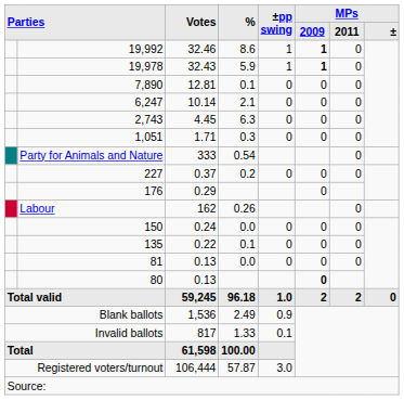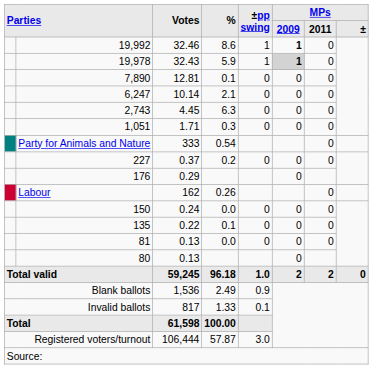 <table class="wikitable" style="text-align:right; font-size:95%;">
 <tr>
 <th rowspan="2" colspan="2" style="background:#e9e9e9; text-align:left;" alignleft><a href='#'>Parties</a></th>
 <th rowspan="2" style="background:#e9e9e9; text-align:right;">Votes</th>
 <th rowspan="2" style="background:#e9e9e9; text-align:right;">%</th>
 <th rowspan="2" style="background:#e9e9e9; text-align:right;">±<a href='#'>pp</a> <a href='#'>swing</a></th>
 <th colspan="3" style="background:#e9e9e9; text-align:center;"><a href='#'>MPs</a></th>
 </tr>
 <tr style="background-color:#E9E9E9">
 <th style="background-color:#E9E9E9;text-align:center;"><a href='#'>2009</a></th>
 <th style="background-color:#E9E9E9;text-align:center;">2011</th>
 <th style="background:#e9e9e9; text-align:right;">±</th>
 </tr>
 <tr>
 <td></td>
 <td>19,992</td>
 <td>32.46</td>
 <td>8.6</td>
 <td>1</td>
 <td><strong>1</strong></td>
 <td>0</td>
 </tr>
 <tr>
 <td></td>
 <td>19,978</td>
 <td>32.43</td>
 <td>5.9</td>
 <td>1</td>
-<td><strong>1</strong></td>
+<td style="background: lightgrey;"><strong>1</strong></td>
 <td>0</td>
 </tr>
 <tr>
 <td></td>
 <td>7,890</td>
 <td>12.81</td>
 <td>0.1</td>
 <td>0</td>
 <td>0</td>
 <td>0</td>
 </tr>
 <tr>
 <td></td>
 <td>6,247</td>
 <td>10.14</td>
 <td>2.1</td>
 <td>0</td>
 <td>0</td>
 <td>0</td>
 </tr>
 <tr>
 <td></td>
 <td>2,743</td>
 <td>4.45</td>
 <td>6.3</td>
 <td>0</td>
 <td>0</td>
 <td>0</td>
 </tr>
 <tr>
 <td></td>
 <td>1,051</td>
 <td>1.71</td>
 <td>0.3</td>
 <td>0</td>
 <td>0</td>
 <td>0</td>
 </tr>
 <tr>
 <td style="width: 10px" bgcolor="teal" align="center"></td>
 <td align="left"><a href='#'>Party for Animals and Nature</a></td>
 <td>333</td>
 <td>0.54</td>
 <td></td>
 <td></td>
 <td>0</td>
 <td></td>
 </tr>
 <tr>
 <td></td>
 <td>227</td>
 <td>0.37</td>
 <td>0.2</td>
 <td>0</td>
 <td>0</td>
 <td>0</td>
 </tr>
 <tr>
 <td></td>
 <td>176</td>
 <td>0.29</td>
 <td></td>
 <td></td>
 <td>0</td>
 <td></td>
 </tr>
 <tr>
 <td style="width: 10px" bgcolor=#CC0033 align="center"></td>
 <td align=left><a href='#'>Labour</a></td>
 <td>162</td>
 <td>0.26</td>
 <td></td>
 <td></td>
 <td>0</td>
 <td></td>
 </tr>
 <tr>
 <td></td>
 <td>150</td>
 <td>0.24</td>
 <td>0.0</td>
 <td>0</td>
 <td>0</td>
 <td>0</td>
 </tr>
 <tr>
 <td></td>
 <td>135</td>
 <td>0.22</td>
 <td>0.1</td>
 <td>0</td>
 <td>0</td>
 <td>0</td>
 </tr>
 <tr>
 <td></td>
 <td>81</td>
 <td>0.13</td>
 <td>0.0</td>
 <td>0</td>
 <td>0</td>
 <td>0</td>
 </tr>
 <tr>
 <td></td>
 <td>80</td>
 <td>0.13</td>
 <td></td>
 <td></td>
-<td><strong>0</strong></td>
+<td>0</td>
 <td></td>
 </tr>
 <tr>
 <td colspan=2 align=left style="background-color:#E9E9E9"><strong>Total valid</strong></td>
 <td width="65" align="right" style="background-color:#E9E9E9"><strong>59,245</strong></td>
 <td width="40" align="right" style="background-color:#E9E9E9"><strong>96.18</strong></td>
 <td width="40" align="right" style="background-color:#E9E9E9"><strong>1.0</strong></td>
 <td width="40" align="right" style="background-color:#E9E9E9"><strong>2</strong></td>
 <td width="40" align="right" style="background-color:#E9E9E9"><strong>2</strong></td>
 <td width="40" align="right" style="background-color:#E9E9E9"><strong>0</strong></td>
 </tr>
 <tr>
 <td colspan=2>Blank ballots</td>
 <td>1,536</td>
 <td>2.49</td>
 <td>0.9</td>
 <td colspan=4 rowspan=4></td>
 </tr>
 <tr>
 <td colspan=2>Invalid ballots</td>
 <td>817</td>
 <td>1.33</td>
 <td>0.1</td>
 </tr>
 <tr>
 <td colspan=2 align=left style="background-color:#E9E9E9"><strong>Total</strong></td>
 <td width="50" align="right" style="background-color:#E9E9E9"><strong>61,598</strong></td>
 <td width="40" align="right" style="background-color:#E9E9E9"><strong>100.00</strong></td>
 <td width="40" align="right" style="background-color:#E9E9E9"></td>
 </tr>
 <tr>
 <td colspan=2>Registered voters/turnout</td>
 <td>106,444</td>
 <td>57.87</td>
 <td>3.0</td>
 </tr>
 <tr>
 <td colspan=11 align=left>Source: </td>
 </tr>
 </table>
